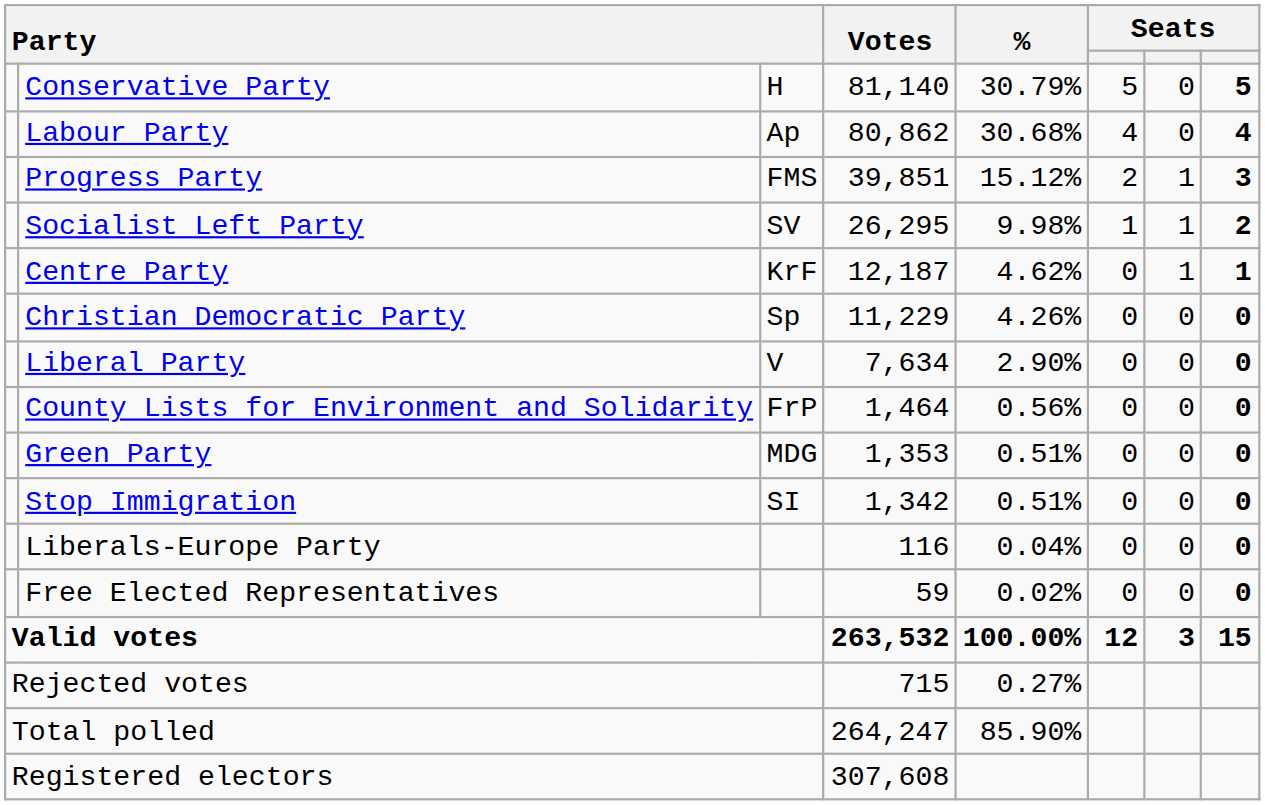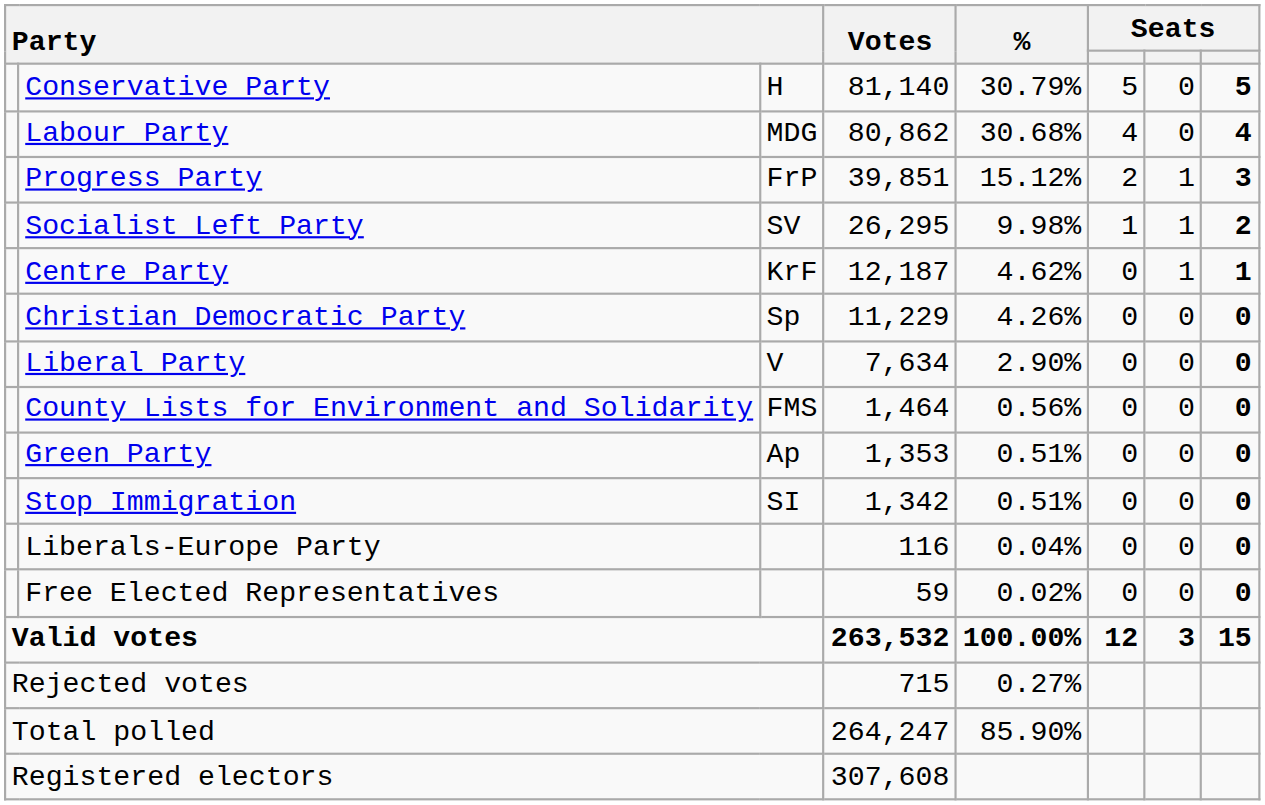 <table class="wikitable" border="1" style="text-align:right;">
 <tr>
 <th style="text-align:left;" valign=bottom rowspan=2 colspan=3>Party</th>
 <th align=center valign=bottom rowspan=2 width="50">Votes</th>
 <th align=center valign=bottom rowspan=2 width="50">%</th>
 <th colspan=3>Seats</th>
 </tr>
 <tr>
 <th align=center valign=bottom width="20"><small></small></th>
 <th align=center valign=bottom width="20"><small><a href='#'></a></small></th>
 <th align=center valign=bottom width="20"><small></small></th>
 </tr>
 <tr>
 <td style="color:inherit;background:"></td>
 <td align=left><a href='#'>Conservative Party</a></td>
 <td align=left>H</td>
 <td>81,140</td>
 <td>30.79%</td>
 <td>5</td>
 <td>0</td>
 <td><strong>5</strong></td>
 </tr>
 <tr>
 <td style="color:inherit;background:"></td>
 <td align=left><a href='#'>Labour Party</a></td>
-<td align=left>Ap</td>
+<td align=left>MDG</td>
 <td>80,862</td>
 <td>30.68%</td>
 <td>4</td>
 <td>0</td>
 <td><strong>4</strong></td>
 </tr>
 <tr>
 <td style="color:inherit;background:"></td>
 <td align=left><a href='#'>Progress Party</a></td>
-<td align=left>FMS</td>
+<td align=left>FrP</td>
 <td>39,851</td>
 <td>15.12%</td>
 <td>2</td>
 <td>1</td>
 <td><strong>3</strong></td>
 </tr>
 <tr>
 <td style="color:inherit;background:"></td>
 <td align=left><a href='#'>Socialist Left Party</a></td>
 <td align=left>SV</td>
 <td>26,295</td>
 <td>9.98%</td>
 <td>1</td>
 <td>1</td>
 <td><strong>2</strong></td>
 </tr>
 <tr>
 <td style="color:inherit;background:"></td>
 <td align=left><a href='#'>Centre Party</a></td>
 <td align=left>KrF</td>
 <td>12,187</td>
 <td>4.62%</td>
 <td>0</td>
 <td>1</td>
 <td><strong>1</strong></td>
 </tr>
 <tr>
 <td style="color:inherit;background:"></td>
 <td align=left><a href='#'>Christian Democratic Party</a></td>
 <td align=left>Sp</td>
 <td>11,229</td>
 <td>4.26%</td>
 <td>0</td>
 <td>0</td>
 <td><strong>0</strong></td>
 </tr>
 <tr>
 <td style="color:inherit;background:"></td>
 <td align=left><a href='#'>Liberal Party</a></td>
 <td align=left>V</td>
 <td>7,634</td>
 <td>2.90%</td>
 <td>0</td>
 <td>0</td>
 <td><strong>0</strong></td>
 </tr>
 <tr>
 <td></td>
 <td align=left><a href='#'>County Lists for Environment and Solidarity</a></td>
-<td align=left>FrP</td>
+<td align=left>FMS</td>
 <td>1,464</td>
 <td>0.56%</td>
 <td>0</td>
 <td>0</td>
 <td><strong>0</strong></td>
 </tr>
 <tr>
 <td style="color:inherit;background:"></td>
 <td align=left><a href='#'>Green Party</a></td>
-<td align=left>MDG</td>
+<td align=left>Ap</td>
 <td>1,353</td>
 <td>0.51%</td>
 <td>0</td>
 <td>0</td>
 <td><strong>0</strong></td>
 </tr>
 <tr>
 <td style="color:inherit;background:"></td>
 <td align=left><a href='#'>Stop Immigration</a></td>
 <td align=left>SI</td>
 <td>1,342</td>
 <td>0.51%</td>
 <td>0</td>
 <td>0</td>
 <td><strong>0</strong></td>
 </tr>
 <tr>
 <td></td>
 <td align=left>Liberals-Europe Party</td>
 <td align=left></td>
 <td>116</td>
 <td>0.04%</td>
 <td>0</td>
 <td>0</td>
 <td><strong>0</strong></td>
 </tr>
 <tr>
 <td></td>
 <td align=left>Free Elected Representatives</td>
 <td align=left></td>
 <td>59</td>
 <td>0.02%</td>
 <td>0</td>
 <td>0</td>
 <td><strong>0</strong></td>
 </tr>
 <tr style="font-weight:bold">
 <td align=left colspan=3>Valid votes</td>
 <td>263,532</td>
 <td>100.00%</td>
 <td>12</td>
 <td>3</td>
 <td>15</td>
 </tr>
 <tr>
 <td align=left colspan=3>Rejected votes</td>
 <td>715</td>
 <td>0.27%</td>
 <td></td>
 <td></td>
 <td></td>
 </tr>
 <tr>
 <td align=left colspan=3>Total polled</td>
 <td>264,247</td>
 <td>85.90%</td>
 <td></td>
 <td></td>
 <td></td>
 </tr>
 <tr>
 <td align=left colspan=3>Registered electors</td>
 <td>307,608</td>
 <td></td>
 <td></td>
 <td></td>
 <td></td>
 </tr>
 </table>
